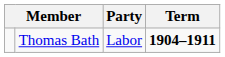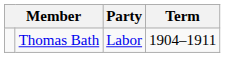 <table class="wikitable">
 <tr>
 <th colspan="2">Member</th>
 <th>Party</th>
 <th>Term</th>
 </tr>
 <tr>
 <td> </td>
 <td><a href='#'>Thomas Bath</a></td>
 <td><a href='#'>Labor</a></td>
-<td><strong>1904–1911</strong></td>
+<td>1904–1911</td>
 </tr>
 </table>
